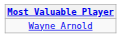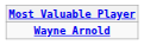 <table class=wikitable style="text-align:center; margin:auto">
 <tr>
 <th><a href='#'>Most Valuable Player</a></th>
 </tr>
 <tr>
-<td> <a href='#'>Wayne Arnold</a></td>
+<td><strong> <a href='#'>Wayne Arnold</a></strong></td>
 </tr>
 </table>
